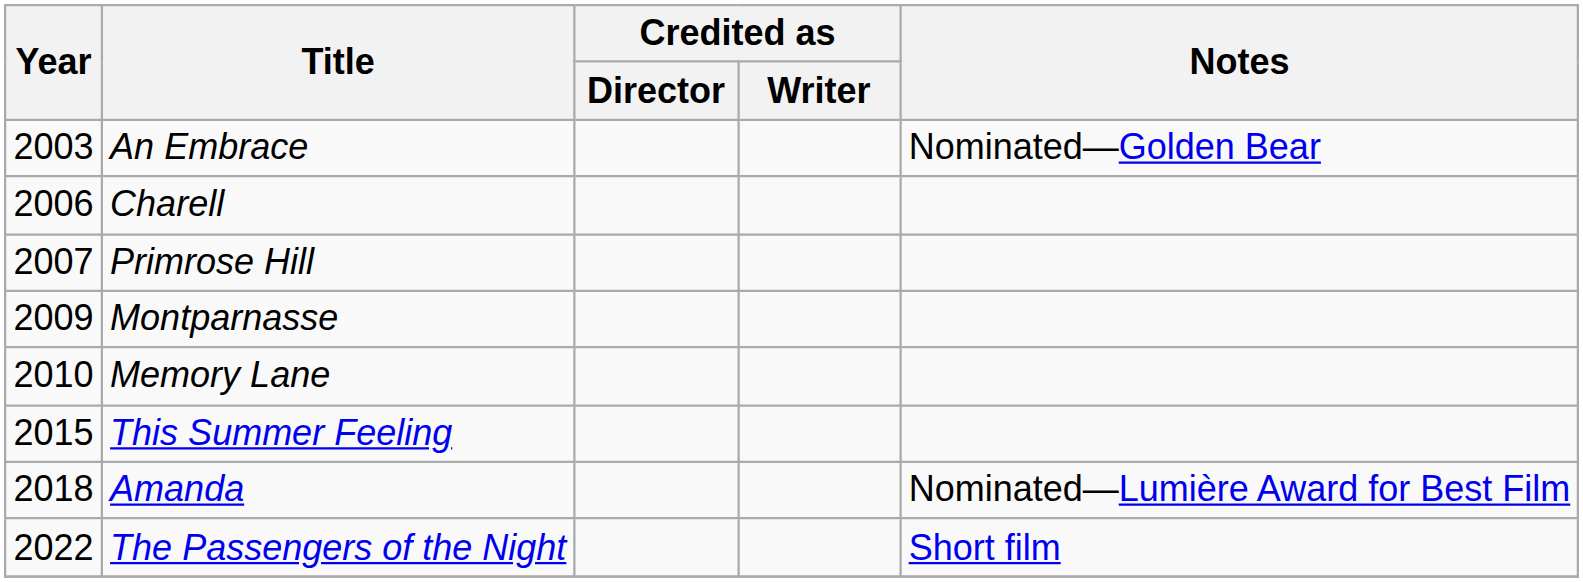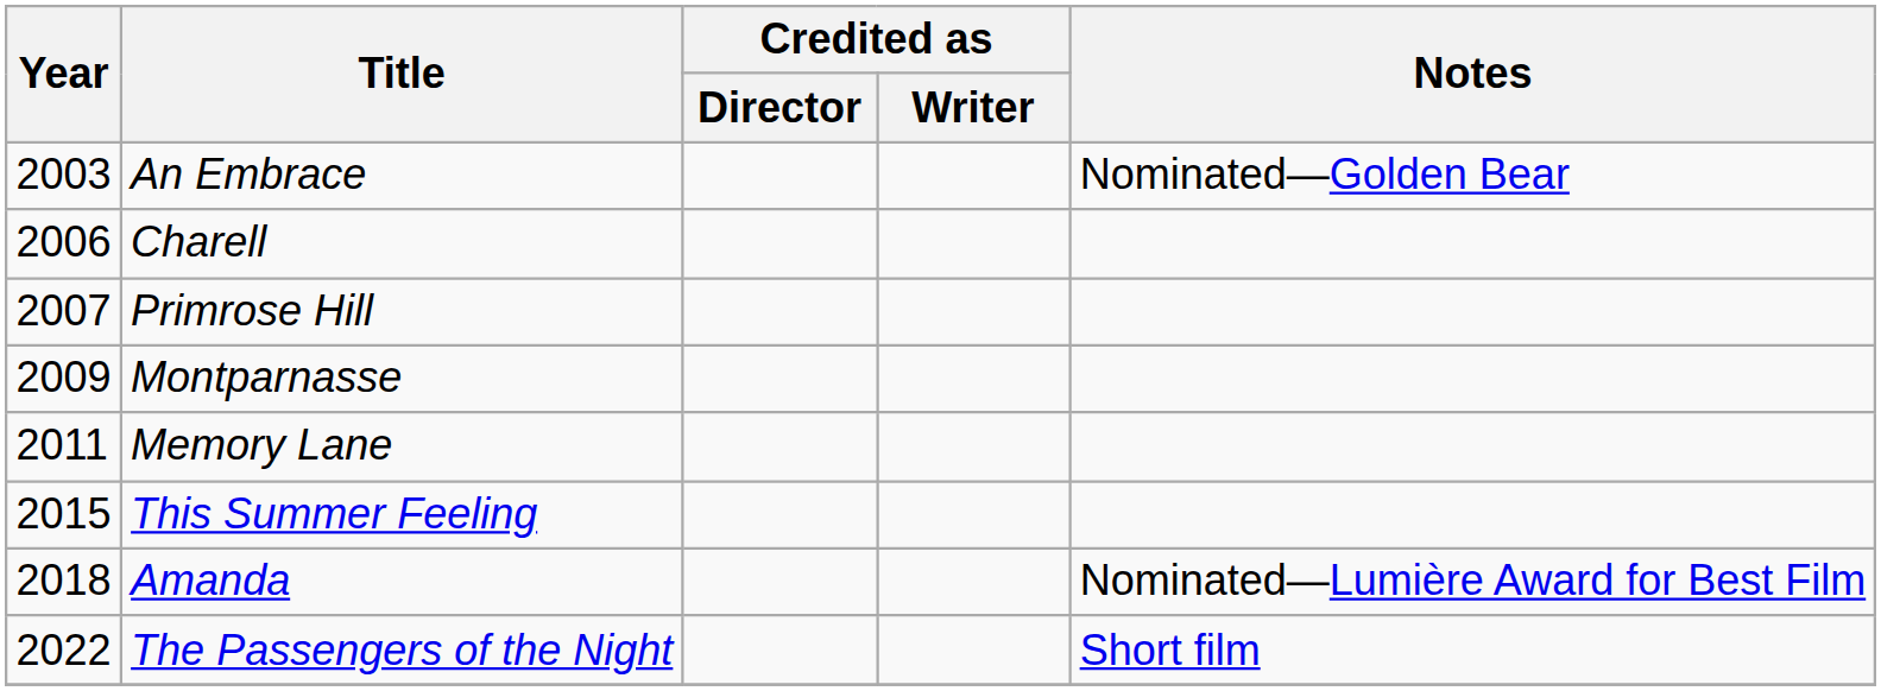 <table class="wikitable">
 <tr>
 <th rowspan="2">Year</th>
 <th rowspan="2">Title</th>
 <th colspan="2">Credited as</th>
 <th rowspan="2'">Notes</th>
 </tr>
 <tr>
 <th width=65>Director</th>
 <th width=65>Writer</th>
 </tr>
 <tr>
 <td>2003</td>
 <td><em>An Embrace</em></td>
 <td></td>
 <td></td>
 <td>Nominated—<a href='#'>Golden Bear</a></td>
 </tr>
 <tr>
 <td>2006</td>
 <td><em>Charell</em></td>
 <td></td>
 <td></td>
 <td></td>
 </tr>
 <tr>
 <td>2007</td>
 <td><em>Primrose Hill</em></td>
 <td></td>
 <td></td>
 <td></td>
 </tr>
 <tr>
 <td>2009</td>
 <td><em>Montparnasse</em></td>
 <td></td>
 <td></td>
 <td></td>
 </tr>
 <tr>
-<td>2010</td>
+<td>2011</td>
 <td><em>Memory Lane</em></td>
 <td></td>
 <td></td>
 <td></td>
 </tr>
 <tr>
 <td>2015</td>
 <td><em><a href='#'>This Summer Feeling</a></em></td>
 <td></td>
 <td></td>
 <td></td>
 </tr>
 <tr>
 <td>2018</td>
 <td><em><a href='#'>Amanda</a></em></td>
 <td></td>
 <td></td>
 <td>Nominated—<a href='#'>Lumière Award for Best Film</a></td>
 </tr>
 <tr>
 <td>2022</td>
 <td><em><a href='#'>The Passengers of the Night</a></em></td>
 <td></td>
 <td></td>
 <td><a href='#'>Short film</a></td>
 </tr>
 <tr>
 </tr>
 </table>
